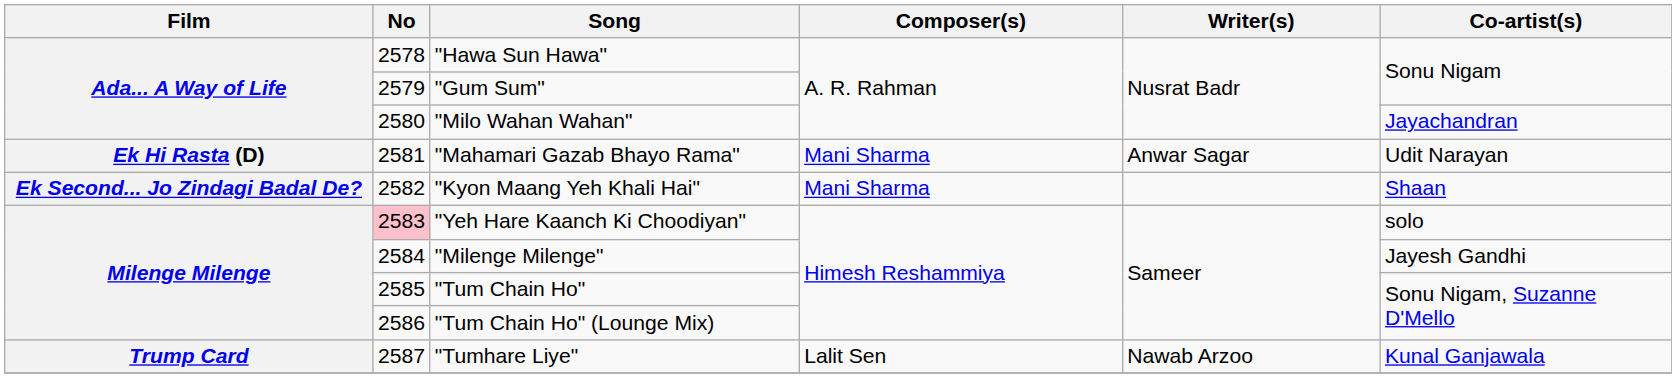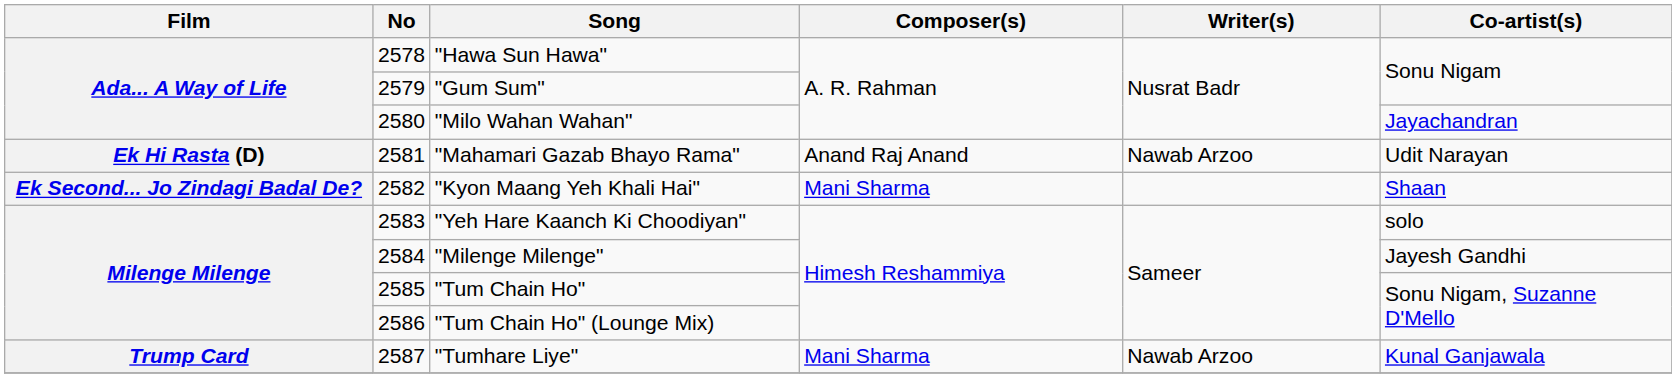 <table class="wikitable plainrowheaders" width="100%" textcolor:#000;">
 <tr style="background:#b0e0e66;">
 <th scope="col" width=23%><strong>Film</strong></th>
 <th><strong>No</strong></th>
 <th scope="col" width=23%><strong>Song</strong></th>
 <th scope="col" width=20%><strong>Composer(s)</strong></th>
 <th scope="col" width=16%><strong>Writer(s)</strong></th>
 <th scope="col" width=18%><strong>Co-artist(s)</strong></th>
 </tr>
 <tr>
 <th rowspan="3"><em><a href='#'>Ada... A Way of Life</a></em></th>
 <td>2578</td>
 <td>"Hawa Sun Hawa"</td>
 <td rowspan=3>A. R. Rahman</td>
 <td rowspan=3>Nusrat Badr</td>
 <td rowspan=2>Sonu Nigam</td>
 </tr>
 <tr>
 <td>2579</td>
 <td>"Gum Sum"</td>
 </tr>
 <tr>
 <td>2580</td>
 <td>"Milo Wahan Wahan"</td>
 <td><a href='#'>Jayachandran</a></td>
 </tr>
 <tr>
 <th><em><a href='#'>Ek Hi Rasta</a></em> (D)</th>
 <td>2581</td>
 <td>"Mahamari Gazab Bhayo Rama"</td>
-<td><a href='#'>Mani Sharma</a></td>
-<td>Anwar Sagar</td>
+<td>Anand Raj Anand</td>
+<td>Nawab Arzoo</td>
 <td>Udit Narayan</td>
 </tr>
 <tr>
 <th><em><a href='#'>Ek Second... Jo Zindagi Badal De?</a></em></th>
 <td>2582</td>
 <td>"Kyon Maang Yeh Khali Hai"</td>
 <td><a href='#'>Mani Sharma</a></td>
 <td></td>
 <td><a href='#'>Shaan</a></td>
 </tr>
 <tr>
 <th rowspan=4><em><a href='#'>Milenge Milenge</a></em></th>
-<td style="background: pink;">2583</td>
+<td>2583</td>
 <td>"Yeh Hare Kaanch Ki Choodiyan"</td>
 <td rowspan=4><a href='#'>Himesh Reshammiya</a></td>
 <td rowspan=4>Sameer</td>
 <td>solo</td>
 </tr>
 <tr>
 <td>2584</td>
 <td>"Milenge Milenge"</td>
 <td>Jayesh Gandhi</td>
 </tr>
 <tr>
 <td>2585</td>
 <td>"Tum Chain Ho"</td>
 <td rowspan=2>Sonu Nigam, <a href='#'>Suzanne D'Mello</a></td>
 </tr>
 <tr>
 <td>2586</td>
 <td>"Tum Chain Ho" (Lounge Mix)</td>
 </tr>
 <tr>
 <th><em><a href='#'>Trump Card</a></em></th>
 <td>2587</td>
 <td>"Tumhare Liye"</td>
-<td>Lalit Sen</td>
+<td><a href='#'>Mani Sharma</a></td>
 <td>Nawab Arzoo</td>
 <td><a href='#'>Kunal Ganjawala</a></td>
 </tr>
 <tr>
 </tr>
 </table>
